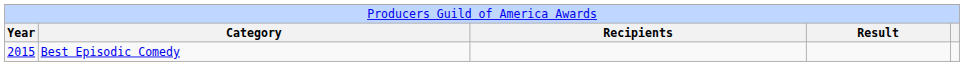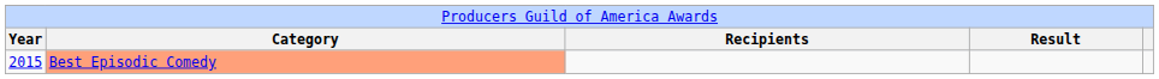 <table class="wikitable plainrowheaders" style="font-size: 100%; width:85%">
 <tr>
 </tr>
 <tr ---- bgcolor="#bfd7ff">
 <td colspan=6 align=center><a href='#'>Producers Guild of America Awards</a></td>
 </tr>
 <tr ---- bgcolor="#ebf5ff">
 <th scope="col" style="width:2%;">Year</th>
 <th scope="col" style="width:45%;">Category</th>
 <th scope="col" style="width:35%;">Recipients</th>
 <th scope="col" style="width:15%;">Result</th>
 <th scope="col" class="unsortable" style="width:1%;"></th>
 </tr>
 <tr>
 <td style="text-align:center;"><a href='#'>2015</a></td>
-<td><a href='#'>Best Episodic Comedy</a></td>
+<td style="background: lightsalmon;"><a href='#'>Best Episodic Comedy</a></td>
 <td></td>
 <td></td>
 <td style="text-align:center;"></td>
 </tr>
 </table>
